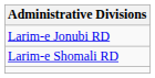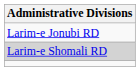 <table class="wikitable">
 <tr>
 <th>Administrative Divisions</th>
 </tr>
 <tr>
 <td><a href='#'>Larim-e Jonubi RD</a></td>
 </tr>
 <tr>
-<td><a href='#'>Larim-e Shomali RD</a></td>
+<td style="background: lightgrey;"><a href='#'>Larim-e Shomali RD</a></td>
 </tr>
 <tr>
 <td colspan=1></td>
 </tr>
 </table>
